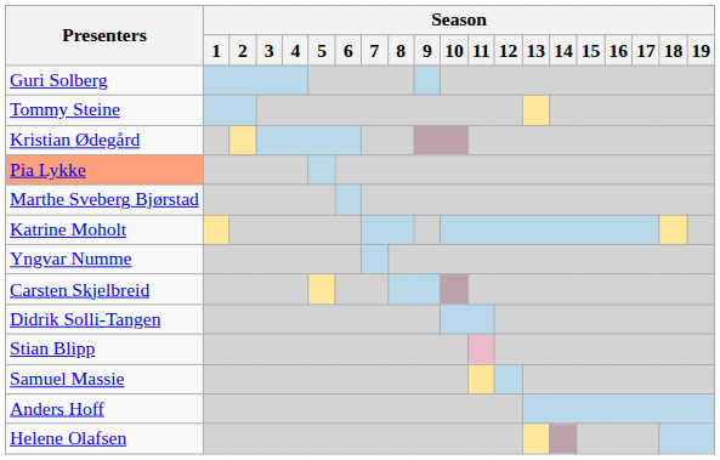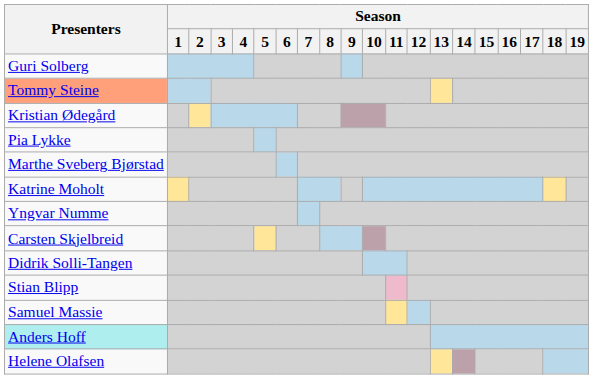 <table class="wikitable">
 <tr>
 <th rowspan="2">Presenters</th>
 <th colspan="19">Season</th>
 </tr>
 <tr>
 <th width="15">1</th>
 <th width="15">2</th>
 <th width="15">3</th>
 <th width="15">4</th>
 <th width="15">5</th>
 <th width="15">6</th>
 <th width="15">7</th>
 <th width="15">8</th>
 <th width="15">9</th>
 <th width="15">10</th>
 <th width="15">11</th>
 <th width="15">12</th>
 <th width="15">13</th>
 <th width="15">14</th>
 <th width="15">15</th>
 <th width="15">16</th>
 <th width="15">17</th>
 <th width="15">18</th>
 <th width="15">19</th>
 </tr>
 <tr>
 <td><a href='#'>Guri Solberg</a></td>
 <td colspan="4" style="background:#B9D9EB"></td>
 <td colspan="4" style="background:lightgrey"></td>
 <td colspan="1" style="background:#B9D9EB"></td>
 <td colspan="10" style="background:lightgrey"></td>
 </tr>
 <tr>
-<td><a href='#'>Tommy Steine</a></td>
+<td style="background: lightsalmon;"><a href='#'>Tommy Steine</a></td>
 <td colspan="2" style="background:#B9D9EB"></td>
 <td colspan="10" style="background:lightgrey"></td>
 <td colspan="1" style="background:#FFE699"></td>
 <td colspan="6" style="background:lightgrey"></td>
 </tr>
 <tr>
 <td><a href='#'>Kristian Ødegård</a></td>
 <td colspan="1" style="background:lightgrey"></td>
 <td colspan="1" style="background:#FFE699"></td>
 <td colspan="4" style="background:#B9D9EB"></td>
 <td colspan="2" style="background:lightgrey"></td>
 <td colspan="2" style="background:#BCA1AB"></td>
 <td colspan="9" style="background:lightgrey"></td>
 </tr>
 <tr>
-<td style="background: lightsalmon;"><a href='#'>Pia Lykke</a></td>
+<td><a href='#'>Pia Lykke</a></td>
 <td colspan="4" style="background:lightgrey"></td>
 <td colspan="1" style="background:#B9D9EB"></td>
 <td colspan="14" style="background:lightgrey"></td>
 </tr>
 <tr>
 <td><a href='#'>Marthe Sveberg Bjørstad</a></td>
 <td colspan="5" style="background:lightgrey"></td>
 <td colspan="1" style="background:#B9D9EB"></td>
 <td colspan="13" style="background:lightgrey"></td>
 </tr>
 <tr>
 <td><a href='#'>Katrine Moholt</a></td>
 <td colspan="1" style="background:#FFE699"></td>
 <td colspan="5" style="background:lightgrey"></td>
 <td colspan="2" style="background:#B9D9EB"></td>
 <td colspan="1" style="background:lightgrey"></td>
 <td colspan="8" style="background:#B9D9EB"></td>
 <td colspan="1" style="background:#FFE699"></td>
 <td colspan="1" style="background:lightgrey"></td>
 </tr>
 <tr>
 <td><a href='#'>Yngvar Numme</a></td>
 <td colspan="6" style="background:lightgrey"></td>
 <td colspan="1" style="background:#B9D9EB"></td>
 <td colspan="12" style="background:lightgrey"></td>
 </tr>
 <tr>
 <td><a href='#'>Carsten Skjelbreid</a></td>
 <td colspan="4" style="background:lightgrey"></td>
 <td colspan="1" style="background:#FFE699"></td>
 <td colspan="2" style="background:lightgrey"></td>
 <td colspan="2" style="background:#B9D9EB"></td>
 <td colspan="1" style="background:#BCA1AB"></td>
 <td colspan="9" style="background:lightgrey"></td>
 </tr>
 <tr>
 <td><a href='#'>Didrik Solli-Tangen</a></td>
 <td colspan="9" style="background:lightgrey"></td>
 <td colspan="2" style="background:#B9D9EB"></td>
 <td colspan="8" style="background:lightgrey"></td>
 </tr>
 <tr>
 <td><a href='#'>Stian Blipp</a></td>
 <td colspan="10" style="background:lightgrey"></td>
 <td colspan="1" style="background:#EFBBCC"></td>
 <td colspan="8" style="background:lightgrey"></td>
 </tr>
 <tr>
 <td><a href='#'>Samuel Massie</a></td>
 <td colspan="10" style="background:lightgrey"></td>
 <td colspan="1" style="background:#FFE699"></td>
 <td colspan="1" style="background:#B9D9EB"></td>
 <td colspan="7" style="background:lightgrey"></td>
 </tr>
 <tr>
-<td><a href='#'>Anders Hoff</a></td>
+<td style="background: paleturquoise;"><a href='#'>Anders Hoff</a></td>
 <td colspan="12" style="background:lightgrey"></td>
 <td colspan="7" style="background:#B9D9EB"></td>
 </tr>
 <tr>
 <td><a href='#'>Helene Olafsen</a></td>
 <td colspan="12" style="background:lightgrey"></td>
 <td colspan="1" style="background:#FFE699"></td>
 <td colspan="1" style="background:#BCA1AB"></td>
 <td colspan="3" style="background:lightgrey"></td>
 <td colspan="2" style="background:#B9D9EB"></td>
 </tr>
 </table>
